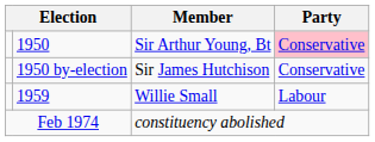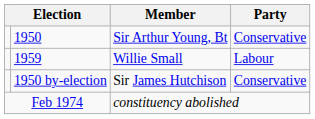 <table class="wikitable">
 <tr>
 <th colspan="2">Election</th>
 <th>Member</th>
 <th>Party</th>
 </tr>
 <tr>
 <td style="color:inherit;background-color: "></td>
 <td><a href='#'>1950</a></td>
 <td><a href='#'>Sir Arthur Young, Bt</a></td>
-<td style="background: pink;"><a href='#'>Conservative</a></td>
-</tr>
-<tr>
-<td style="color:inherit;background-color: "></td>
-<td><a href='#'>1950 by-election</a></td>
-<td>Sir <a href='#'>James Hutchison</a></td>
 <td><a href='#'>Conservative</a></td>
 </tr>
 <tr>
 <td style="color:inherit;background-color: "></td>
 <td><a href='#'>1959</a></td>
 <td><a href='#'>Willie Small</a></td>
 <td><a href='#'>Labour</a></td>
 </tr>
 <tr>
+<td style="color:inherit;background-color: "></td>
+<td><a href='#'>1950 by-election</a></td>
+<td>Sir <a href='#'>James Hutchison</a></td>
+<td><a href='#'>Conservative</a></td>
+</tr>
+<tr>
 <td colspan="2" align="center"><a href='#'>Feb 1974</a></td>
 <td colspan="2"><em>constituency abolished</em></td>
 </tr>
 </table>
